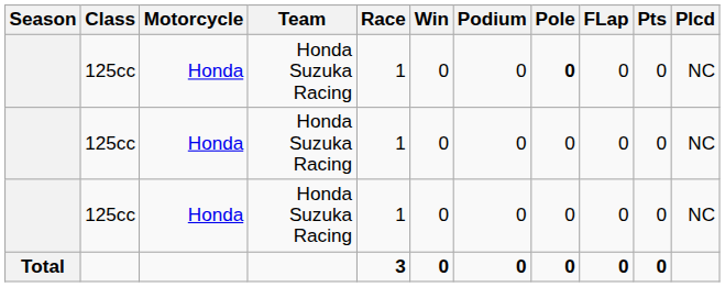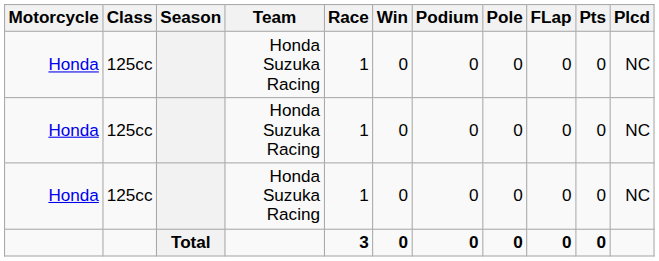 <table class="wikitable" style=text-align:right>
 <tr>
+<th>Motorcycle</th>
+<th>Class</th>
 <th>Season</th>
-<th>Class</th>
-<th>Motorcycle</th>
 <th>Team</th>
 <th>Race</th>
 <th>Win</th>
 <th>Podium</th>
 <th>Pole</th>
 <th>FLap</th>
 <th>Pts</th>
 <th>Plcd</th>
 </tr>
 <tr>
+<td><a href='#'>Honda</a></td>
+<td>125cc</td>
 <th></th>
-<td>125cc</td>
-<td><a href='#'>Honda</a></td>
-<td>Honda Suzuka Racing</td>
-<td>1</td>
-<td>0</td>
-<td>0</td>
-<td><strong>0</strong></td>
-<td>0</td>
-<td>0</td>
-<td>NC</td>
-</tr>
-<tr>
-<th></th>
-<td>125cc</td>
-<td><a href='#'>Honda</a></td>
 <td>Honda Suzuka Racing</td>
 <td>1</td>
 <td>0</td>
 <td>0</td>
 <td>0</td>
 <td>0</td>
 <td>0</td>
 <td>NC</td>
 </tr>
 <tr>
+<td><a href='#'>Honda</a></td>
+<td>125cc</td>
 <th></th>
+<td>Honda Suzuka Racing</td>
+<td>1</td>
+<td>0</td>
+<td>0</td>
+<td>0</td>
+<td>0</td>
+<td>0</td>
+<td>NC</td>
+</tr>
+<tr>
+<td><a href='#'>Honda</a></td>
 <td>125cc</td>
-<td><a href='#'>Honda</a></td>
+<th></th>
 <td>Honda Suzuka Racing</td>
 <td>1</td>
 <td>0</td>
 <td>0</td>
 <td>0</td>
 <td>0</td>
 <td>0</td>
 <td>NC</td>
 </tr>
 <tr align="right">
-<th>Total</th>
 <td></td>
 <td></td>
+<th>Total</th>
 <td></td>
 <td><strong>3</strong></td>
 <td><strong>0</strong></td>
 <td><strong>0</strong></td>
 <td><strong>0</strong></td>
 <td><strong>0</strong></td>
 <td><strong>0</strong></td>
 <td></td>
 </tr>
 </table>
